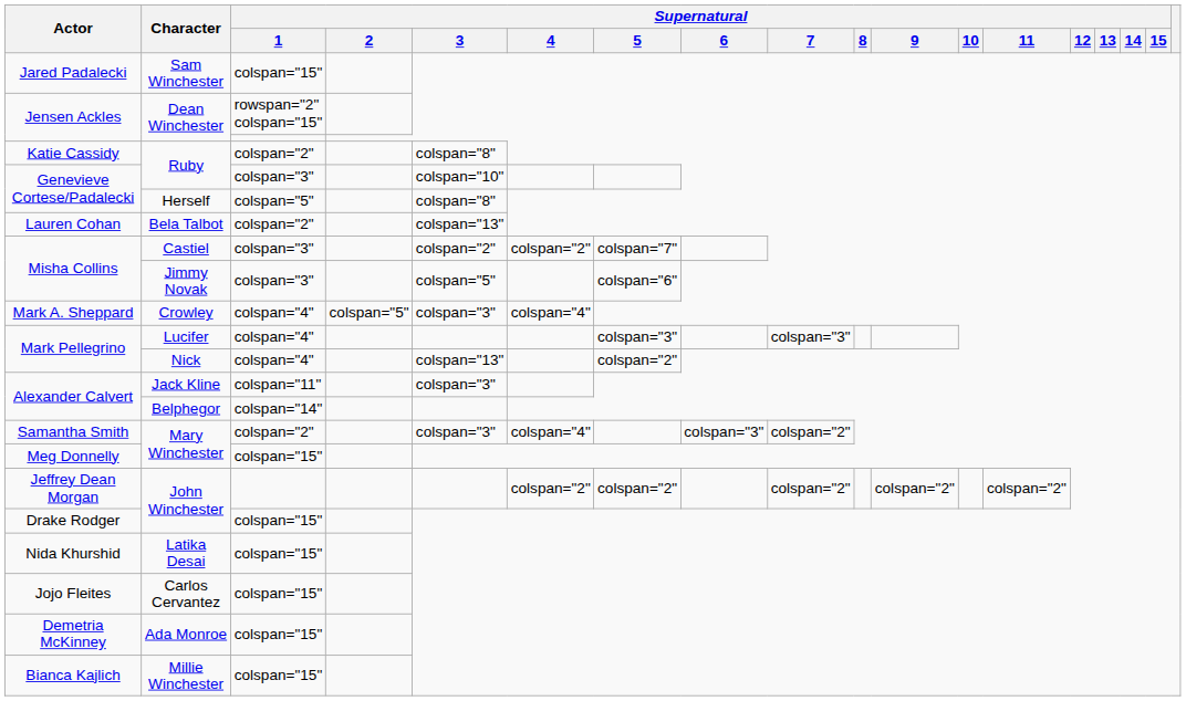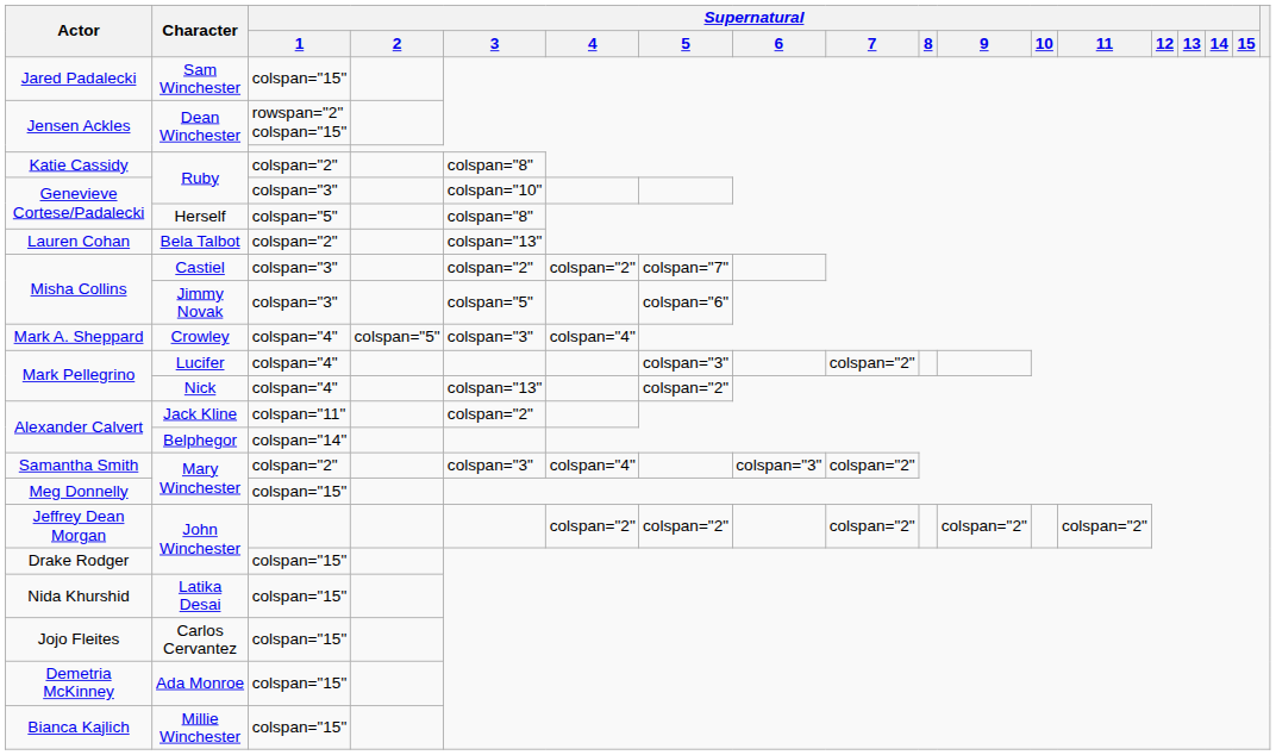 <table class="wikitable plainrowheaders" style="width:99%">
 <tr>
 <th rowspan="2" style="width:20%">Actor</th>
 <th rowspan="2" style="width:16%">Character</th>
 <th colspan="15"><em><a href='#'>Supernatural</a></em></th>
 <th rowspan="2" scope="col" style="width:4%;"><em><a href='#'></a></em></th>
 </tr>
 <tr>
 <th scope="col" style="width:4%;"><a href='#'>1</a></th>
 <th scope="col" style="width:4%;"><a href='#'>2</a></th>
 <th scope="col" style="width:4%;"><a href='#'>3</a></th>
 <th scope="col" style="width:4%;"><a href='#'>4</a></th>
 <th scope="col" style="width:4%;"><a href='#'>5</a></th>
 <th scope="col" style="width:4%;"><a href='#'>6</a></th>
 <th scope="col" style="width:4%;"><a href='#'>7</a></th>
 <th scope="col" style="width:4%;"><a href='#'>8</a></th>
 <th scope="col" style="width:4%;"><a href='#'>9</a></th>
 <th scope="col" style="width:4%;"><a href='#'>10</a></th>
 <th scope="col" style="width:4%;"><a href='#'>11</a></th>
 <th scope="col" style="width:4%;"><a href='#'>12</a></th>
 <th scope="col" style="width:4%;"><a href='#'>13</a></th>
 <th scope="col" style="width:4%;"><a href='#'>14</a></th>
 <th scope="col" style="width:4%;"><a href='#'>15</a></th>
 </tr>
 <tr>
 <td style="text-align:center;"><a href='#'>Jared Padalecki</a></td>
 <td style="text-align:center;"><a href='#'>Sam Winchester</a></td>
 <td>colspan="15" </td>
 <td></td>
 </tr>
 <tr>
 <td rowspan="2" style="text-align:center;"><a href='#'>Jensen Ackles</a></td>
 <td rowspan="2" style="text-align:center;"><a href='#'>Dean Winchester</a></td>
 <td>rowspan="2" colspan="15" </td>
 <td></td>
 </tr>
 <tr>
 <td></td>
 </tr>
 <tr>
 <td style="text-align:center;"><a href='#'>Katie Cassidy</a></td>
 <td rowspan="2" style="text-align:center;"><a href='#'>Ruby</a></td>
 <td>colspan="2" </td>
 <td></td>
 <td>colspan="8" </td>
 </tr>
 <tr>
 <td rowspan="2" style="text-align:center;"><a href='#'>Genevieve Cortese/Padalecki</a></td>
 <td>colspan="3" </td>
 <td></td>
 <td>colspan="10" </td>
 <td></td>
 <td></td>
 </tr>
 <tr>
 <td style="text-align:center;">Herself</td>
 <td>colspan="5" </td>
 <td></td>
 <td>colspan="8" </td>
 </tr>
 <tr>
 <td style="text-align:center;"><a href='#'>Lauren Cohan</a></td>
 <td style="text-align:center;"><a href='#'>Bela Talbot</a></td>
 <td>colspan="2" </td>
 <td></td>
 <td>colspan="13" </td>
 </tr>
 <tr>
 <td rowspan="2" style="text-align:center;"><a href='#'>Misha Collins</a></td>
 <td style="text-align:center;"><a href='#'>Castiel</a></td>
 <td>colspan="3" </td>
 <td></td>
 <td>colspan="2" </td>
 <td>colspan="2" </td>
 <td>colspan="7" </td>
 <td></td>
 </tr>
 <tr>
 <td style="text-align:center;"><a href='#'>Jimmy Novak</a></td>
 <td>colspan="3" </td>
 <td></td>
 <td>colspan="5" </td>
 <td></td>
 <td>colspan="6" </td>
 </tr>
 <tr>
 <td style="text-align:center;"><a href='#'>Mark A. Sheppard</a></td>
 <td style="text-align:center;"><a href='#'>Crowley</a></td>
 <td>colspan="4" </td>
 <td>colspan="5" </td>
 <td>colspan="3" </td>
 <td>colspan="4" </td>
 </tr>
 <tr>
 <td rowspan="2" style="text-align:center;"><a href='#'>Mark Pellegrino</a></td>
 <td style="text-align:center;"><a href='#'>Lucifer</a></td>
 <td>colspan="4" </td>
 <td></td>
 <td></td>
 <td></td>
 <td>colspan="3" </td>
 <td></td>
-<td>colspan="3" </td>
+<td>colspan="2" </td>
 <td></td>
 <td></td>
 </tr>
 <tr>
 <td style="text-align:center;"><a href='#'>Nick</a></td>
 <td>colspan="4" </td>
 <td></td>
 <td>colspan="13" </td>
 <td></td>
 <td>colspan="2" </td>
 </tr>
 <tr>
 <td rowspan="2" style="text-align:center;"><a href='#'>Alexander Calvert</a></td>
 <td style="text-align:center;"><a href='#'>Jack Kline</a></td>
 <td>colspan="11" </td>
 <td></td>
-<td>colspan="3" </td>
+<td>colspan="2" </td>
 <td></td>
 </tr>
 <tr>
 <td style="text-align:center;"><a href='#'>Belphegor</a></td>
 <td>colspan="14" </td>
 <td></td>
 <td></td>
 </tr>
 <tr>
 <td style="text-align:center;"><a href='#'>Samantha Smith</a></td>
 <td rowspan="2" style="text-align:center;"><a href='#'>Mary Winchester</a></td>
 <td>colspan="2" </td>
 <td></td>
 <td>colspan="3" </td>
 <td>colspan="4" </td>
 <td></td>
 <td>colspan="3" </td>
 <td>colspan="2" </td>
 </tr>
 <tr>
 <td style="text-align:center;"><a href='#'>Meg Donnelly</a></td>
 <td>colspan="15" </td>
 <td></td>
 </tr>
 <tr>
 <td style="text-align:center;"><a href='#'>Jeffrey Dean Morgan</a></td>
 <td rowspan="2" style="text-align:center;"><a href='#'>John Winchester</a></td>
 <td></td>
 <td></td>
 <td></td>
 <td>colspan="2" </td>
 <td>colspan="2" </td>
 <td></td>
 <td>colspan="2" </td>
 <td></td>
 <td>colspan="2" </td>
 <td></td>
 <td>colspan="2" </td>
 </tr>
 <tr>
 <td style="text-align:center;">Drake Rodger</td>
 <td>colspan="15" </td>
 <td></td>
 </tr>
 <tr>
 <td style="text-align:center;">Nida Khurshid</td>
 <td style="text-align:center;"><a href='#'>Latika Desai</a></td>
 <td>colspan="15" </td>
 <td></td>
 </tr>
 <tr>
 <td style="text-align:center;">Jojo Fleites</td>
 <td style="text-align:center;">Carlos Cervantez</td>
 <td>colspan="15" </td>
 <td></td>
 </tr>
 <tr>
 <td style="text-align:center;"><a href='#'>Demetria McKinney</a></td>
 <td style="text-align:center;"><a href='#'>Ada Monroe</a></td>
 <td>colspan="15" </td>
 <td></td>
 </tr>
 <tr>
 <td style="text-align:center;"><a href='#'>Bianca Kajlich</a></td>
 <td style="text-align:center;"><a href='#'>Millie Winchester</a></td>
 <td>colspan="15" </td>
 <td></td>
 </tr>
 </table>
